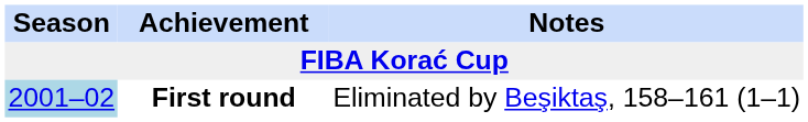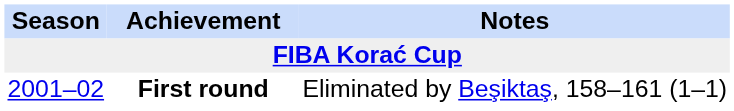 <table class="toccolours" border="0" cellpadding="2" cellspacing="0" align="left" style="margin:0.5em;">
 <tr bgcolor=#CADCFB>
 <th>Season</th>
 <th style="width:120px;">Achievement</th>
 <th>Notes</th>
 </tr>
 <tr>
 <th colspan="4" bgcolor=#EFEFEF><a href='#'>FIBA Korać Cup</a></th>
 </tr>
 <tr>
-<td align="center" style="background: lightblue;"><a href='#'>2001–02</a></td>
+<td align="center"><a href='#'>2001–02</a></td>
 <td align="center"><strong>First round</strong></td>
 <td align="left">Eliminated by <a href='#'>Beşiktaş</a>, 158–161 (1–1)</td>
 </tr>
 <tr>
 </tr>
 </table>
